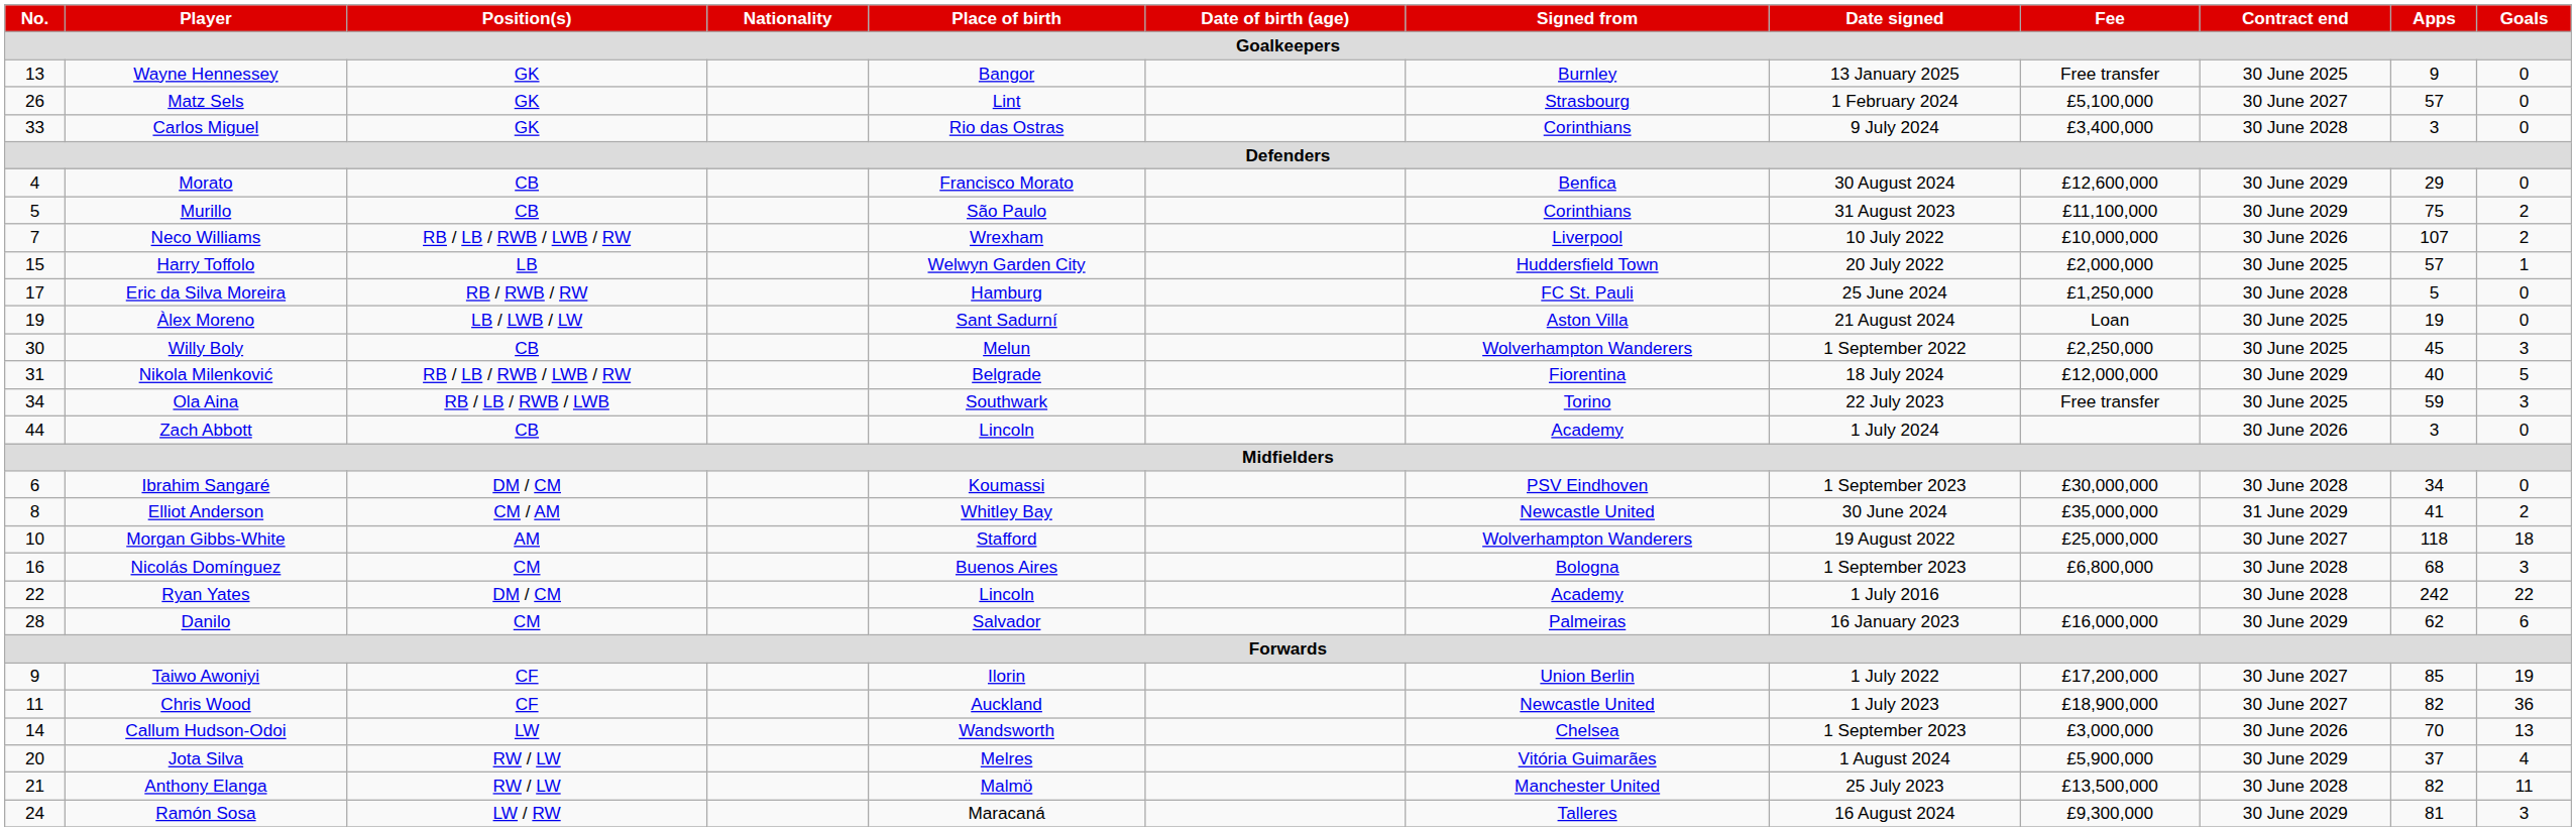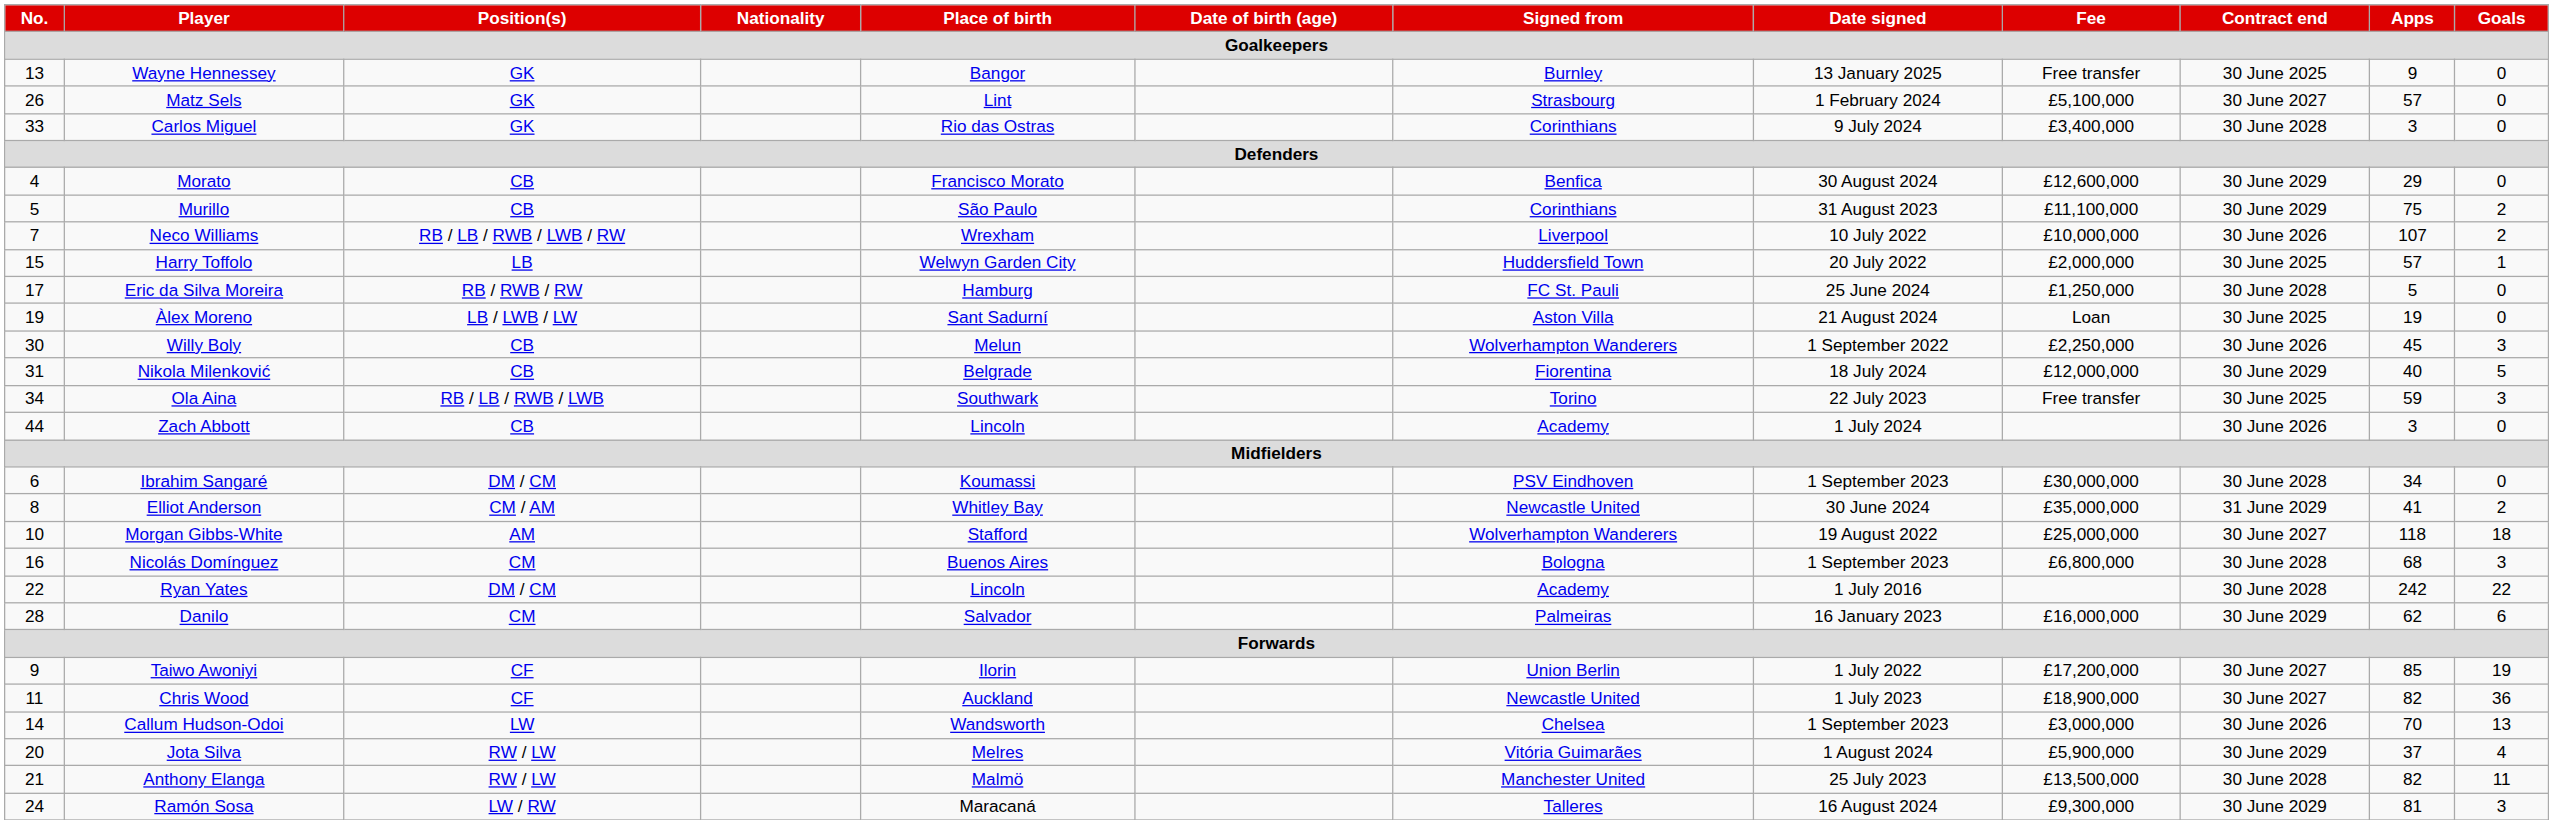 <table class="wikitable" style="text-align:center; font-size:84.5%; width:101%;">
 <tr>
 <th style="color:white; background:#d00; text-align:center;">No.</th>
 <th style="color:white; background:#d00; text-align:center;">Player</th>
 <th style="color:white; background:#d00; text-align:center;">Position(s)</th>
 <th style="color:white; background:#d00; text-align:center;">Nationality</th>
 <th style="color:white; background:#d00; text-align:center;">Place of birth</th>
 <th style="color:white; background:#d00; text-align:center;">Date of birth (age)</th>
 <th style="color:white; background:#d00; text-align:center;">Signed from</th>
 <th style="color:white; background:#d00; text-align:center;">Date signed</th>
 <th style="color:white; background:#d00; text-align:center;">Fee</th>
 <th style="color:white; background:#d00; text-align:center;">Contract end</th>
 <th style="color:white; background:#d00; text-align:center;">Apps</th>
 <th style="color:white; background:#d00; text-align:center;">Goals</th>
 </tr>
 <tr>
 <th colspan="14" style="background:#dcdcdc; text-align:center;">Goalkeepers</th>
 </tr>
 <tr>
 <td>13</td>
 <td><a href='#'>Wayne Hennessey</a></td>
 <td><a href='#'>GK</a></td>
 <td></td>
 <td><a href='#'>Bangor</a></td>
 <td></td>
 <td> <a href='#'>Burnley</a></td>
 <td>13 January 2025</td>
 <td>Free transfer</td>
 <td>30 June 2025</td>
 <td>9</td>
 <td>0</td>
 </tr>
 <tr>
 <td>26</td>
 <td><a href='#'>Matz Sels</a></td>
 <td><a href='#'>GK</a></td>
 <td></td>
 <td><a href='#'>Lint</a></td>
 <td></td>
 <td> <a href='#'>Strasbourg</a></td>
 <td>1 February 2024</td>
 <td>£5,100,000</td>
 <td>30 June 2027</td>
 <td>57</td>
 <td>0</td>
 </tr>
 <tr>
 <td>33</td>
 <td><a href='#'>Carlos Miguel</a></td>
 <td><a href='#'>GK</a></td>
 <td></td>
 <td><a href='#'>Rio das Ostras</a></td>
 <td></td>
 <td> <a href='#'>Corinthians</a></td>
 <td>9 July 2024</td>
 <td>£3,400,000</td>
 <td>30 June 2028</td>
 <td>3</td>
 <td>0</td>
 </tr>
 <tr>
 <th colspan="14" style="background:#dcdcdc; tepxt-align:center;">Defenders</th>
 </tr>
 <tr>
 <td>4</td>
 <td><a href='#'>Morato</a></td>
 <td><a href='#'>CB</a></td>
 <td></td>
 <td><a href='#'>Francisco Morato</a></td>
 <td></td>
 <td> <a href='#'>Benfica</a></td>
 <td>30 August 2024</td>
 <td>£12,600,000</td>
 <td>30 June 2029</td>
 <td>29</td>
 <td>0</td>
 </tr>
 <tr>
 <td>5</td>
 <td><a href='#'>Murillo</a></td>
 <td><a href='#'>CB</a></td>
 <td></td>
 <td><a href='#'>São Paulo</a></td>
 <td></td>
 <td> <a href='#'>Corinthians</a></td>
 <td>31 August 2023</td>
 <td>£11,100,000</td>
 <td>30 June 2029</td>
 <td>75</td>
 <td>2</td>
 </tr>
 <tr>
 <td>7</td>
 <td><a href='#'>Neco Williams</a></td>
 <td><a href='#'>RB</a> / <a href='#'>LB</a> / <a href='#'>RWB</a> / <a href='#'>LWB</a> / <a href='#'>RW</a></td>
 <td></td>
 <td><a href='#'>Wrexham</a></td>
 <td></td>
 <td> <a href='#'>Liverpool</a></td>
 <td>10 July 2022</td>
 <td>£10,000,000</td>
 <td>30 June 2026</td>
 <td>107</td>
 <td>2</td>
 </tr>
 <tr>
 <td>15</td>
 <td><a href='#'>Harry Toffolo</a></td>
 <td><a href='#'>LB</a></td>
 <td></td>
 <td><a href='#'>Welwyn Garden City</a></td>
 <td></td>
 <td> <a href='#'>Huddersfield Town</a></td>
 <td>20 July 2022</td>
 <td>£2,000,000</td>
 <td>30 June 2025</td>
 <td>57</td>
 <td>1</td>
 </tr>
 <tr>
 <td>17</td>
 <td><a href='#'>Eric da Silva Moreira</a></td>
 <td><a href='#'>RB</a> / <a href='#'>RWB</a> / <a href='#'>RW</a></td>
 <td></td>
 <td><a href='#'>Hamburg</a></td>
 <td></td>
 <td> <a href='#'>FC St. Pauli</a></td>
 <td>25 June 2024</td>
 <td>£1,250,000</td>
 <td>30 June 2028</td>
 <td>5</td>
 <td>0</td>
 </tr>
 <tr>
 <td>19</td>
 <td><a href='#'>Àlex Moreno</a></td>
 <td><a href='#'>LB</a> / <a href='#'>LWB</a> / <a href='#'>LW</a></td>
 <td></td>
 <td><a href='#'>Sant Sadurní</a></td>
 <td></td>
 <td> <a href='#'>Aston Villa</a></td>
 <td>21 August 2024</td>
 <td>Loan</td>
 <td>30 June 2025</td>
 <td>19</td>
 <td>0</td>
 </tr>
 <tr>
 <td>30</td>
 <td><a href='#'>Willy Boly</a></td>
 <td><a href='#'>CB</a></td>
 <td></td>
 <td> <a href='#'>Melun</a></td>
 <td></td>
 <td> <a href='#'>Wolverhampton Wanderers</a></td>
 <td>1 September 2022</td>
 <td>£2,250,000</td>
-<td>30 June 2025</td>
+<td>30 June 2026</td>
 <td>45</td>
 <td>3</td>
 </tr>
 <tr>
 <td>31</td>
 <td><a href='#'>Nikola Milenković</a></td>
-<td><a href='#'>RB</a> / <a href='#'>LB</a> / <a href='#'>RWB</a> / <a href='#'>LWB</a> / <a href='#'>RW</a></td>
+<td><a href='#'>CB</a></td>
 <td></td>
 <td><a href='#'>Belgrade</a></td>
 <td></td>
 <td> <a href='#'>Fiorentina</a></td>
 <td>18 July 2024</td>
 <td>£12,000,000</td>
 <td>30 June 2029</td>
 <td>40</td>
 <td>5</td>
 </tr>
 <tr>
 <td>34</td>
 <td><a href='#'>Ola Aina</a></td>
 <td><a href='#'>RB</a> / <a href='#'>LB</a> / <a href='#'>RWB</a> / <a href='#'>LWB</a></td>
 <td></td>
 <td> <a href='#'>Southwark</a></td>
 <td></td>
 <td> <a href='#'>Torino</a></td>
 <td>22 July 2023</td>
 <td>Free transfer</td>
 <td>30 June 2025</td>
 <td>59</td>
 <td>3</td>
 </tr>
 <tr>
 <td>44</td>
 <td><a href='#'>Zach Abbott</a></td>
 <td><a href='#'>CB</a></td>
 <td></td>
 <td><a href='#'>Lincoln</a></td>
 <td></td>
 <td><a href='#'>Academy</a></td>
 <td>1 July 2024</td>
 <td></td>
 <td>30 June 2026</td>
 <td>3</td>
 <td>0</td>
 </tr>
 <tr>
 <th colspan="14" style="background:#dcdcdc; tepxt-align:center;">Midfielders</th>
 </tr>
 <tr>
 <td>6</td>
 <td><a href='#'>Ibrahim Sangaré</a></td>
 <td><a href='#'>DM</a> / <a href='#'>CM</a></td>
 <td></td>
 <td><a href='#'>Koumassi</a></td>
 <td></td>
 <td> <a href='#'>PSV Eindhoven</a></td>
 <td>1 September 2023</td>
 <td>£30,000,000</td>
 <td>30 June 2028</td>
 <td>34</td>
 <td>0</td>
 </tr>
 <tr>
 <td>8</td>
 <td><a href='#'>Elliot Anderson</a></td>
 <td><a href='#'>CM</a> / <a href='#'>AM</a></td>
 <td></td>
 <td><a href='#'>Whitley Bay</a></td>
 <td></td>
 <td> <a href='#'>Newcastle United</a></td>
 <td>30 June 2024</td>
 <td>£35,000,000</td>
 <td>31 June 2029</td>
 <td>41</td>
 <td>2</td>
 </tr>
 <tr>
 <td>10</td>
 <td><a href='#'>Morgan Gibbs-White</a></td>
 <td><a href='#'>AM</a></td>
 <td></td>
 <td><a href='#'>Stafford</a></td>
 <td></td>
 <td> <a href='#'>Wolverhampton Wanderers</a></td>
 <td>19 August 2022</td>
 <td>£25,000,000</td>
 <td>30 June 2027</td>
 <td>118</td>
 <td>18</td>
 </tr>
 <tr>
 <td>16</td>
 <td><a href='#'>Nicolás Domínguez</a></td>
 <td><a href='#'>CM</a></td>
 <td></td>
 <td><a href='#'>Buenos Aires</a></td>
 <td></td>
 <td> <a href='#'>Bologna</a></td>
 <td>1 September 2023</td>
 <td>£6,800,000</td>
 <td>30 June 2028</td>
 <td>68</td>
 <td>3</td>
 </tr>
 <tr>
 <td>22</td>
 <td><a href='#'>Ryan Yates</a></td>
 <td><a href='#'>DM</a> / <a href='#'>CM</a></td>
 <td></td>
 <td><a href='#'>Lincoln</a></td>
 <td></td>
 <td><a href='#'>Academy</a></td>
 <td>1 July 2016</td>
 <td></td>
 <td>30 June 2028</td>
 <td>242</td>
 <td>22</td>
 </tr>
 <tr>
 <td>28</td>
 <td><a href='#'>Danilo</a></td>
 <td><a href='#'>CM</a></td>
 <td></td>
 <td><a href='#'>Salvador</a></td>
 <td></td>
 <td> <a href='#'>Palmeiras</a></td>
 <td>16 January 2023</td>
 <td>£16,000,000</td>
 <td>30 June 2029</td>
 <td>62</td>
 <td>6</td>
 </tr>
 <tr>
 <th colspan="14" style="background:#dcdcdc; tepxt-align:center;">Forwards</th>
 </tr>
 <tr>
 <td>9</td>
 <td><a href='#'>Taiwo Awoniyi</a></td>
 <td><a href='#'>CF</a></td>
 <td></td>
 <td><a href='#'>Ilorin</a></td>
 <td></td>
 <td> <a href='#'>Union Berlin</a></td>
 <td>1 July 2022</td>
 <td>£17,200,000</td>
 <td>30 June 2027</td>
 <td>85</td>
 <td>19</td>
 </tr>
 <tr>
 <td>11</td>
 <td><a href='#'>Chris Wood</a></td>
 <td><a href='#'>CF</a></td>
 <td></td>
 <td><a href='#'>Auckland</a></td>
 <td></td>
 <td> <a href='#'>Newcastle United</a></td>
 <td>1 July 2023</td>
 <td>£18,900,000</td>
 <td>30 June 2027</td>
 <td>82</td>
 <td>36</td>
 </tr>
 <tr>
 <td>14</td>
 <td><a href='#'>Callum Hudson-Odoi</a></td>
 <td><a href='#'>LW</a></td>
 <td></td>
 <td><a href='#'>Wandsworth</a></td>
 <td></td>
 <td> <a href='#'>Chelsea</a></td>
 <td>1 September 2023</td>
 <td>£3,000,000</td>
 <td>30 June 2026</td>
 <td>70</td>
 <td>13</td>
 </tr>
 <tr>
 <td>20</td>
 <td><a href='#'>Jota Silva</a></td>
 <td><a href='#'>RW</a> / <a href='#'>LW</a></td>
 <td></td>
 <td><a href='#'>Melres</a></td>
 <td></td>
 <td> <a href='#'>Vitória Guimarães</a></td>
 <td>1 August 2024</td>
 <td>£5,900,000</td>
 <td>30 June 2029</td>
 <td>37</td>
 <td>4</td>
 </tr>
 <tr>
 <td>21</td>
 <td><a href='#'>Anthony Elanga</a></td>
 <td><a href='#'>RW</a> / <a href='#'>LW</a></td>
 <td></td>
 <td><a href='#'>Malmö</a></td>
 <td></td>
 <td> <a href='#'>Manchester United</a></td>
 <td>25 July 2023</td>
 <td>£13,500,000</td>
 <td>30 June 2028</td>
 <td>82</td>
 <td>11</td>
 </tr>
 <tr>
 <td>24</td>
 <td><a href='#'>Ramón Sosa</a></td>
 <td><a href='#'>LW</a> / <a href='#'>RW</a></td>
 <td></td>
 <td>Maracaná</td>
 <td></td>
 <td> <a href='#'>Talleres</a></td>
 <td>16 August 2024</td>
 <td>£9,300,000</td>
 <td>30 June 2029</td>
 <td>81</td>
 <td>3</td>
 </tr>
 </table>
